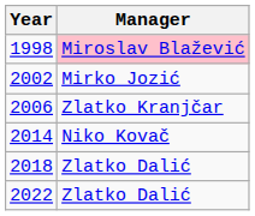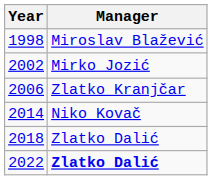 <table class="wikitable">
 <tr>
 <th>Year</th>
 <th>Manager</th>
 </tr>
 <tr>
 <td align=center><a href='#'>1998</a></td>
-<td style="background: pink;"> <a href='#'>Miroslav Blažević</a></td>
+<td> <a href='#'>Miroslav Blažević</a></td>
 </tr>
 <tr>
 <td align=center><a href='#'>2002</a></td>
 <td> <a href='#'>Mirko Jozić</a></td>
 </tr>
 <tr>
 <td align=center><a href='#'>2006</a></td>
 <td> <a href='#'>Zlatko Kranjčar</a></td>
 </tr>
 <tr>
 <td align=center><a href='#'>2014</a></td>
 <td> <a href='#'>Niko Kovač</a></td>
 </tr>
 <tr>
 <td align=center><a href='#'>2018</a></td>
 <td> <a href='#'>Zlatko Dalić</a></td>
 </tr>
 <tr>
 <td align=center><a href='#'>2022</a></td>
-<td> <a href='#'>Zlatko Dalić</a></td>
+<td><strong> <a href='#'>Zlatko Dalić</a></strong></td>
 </tr>
 </table>
